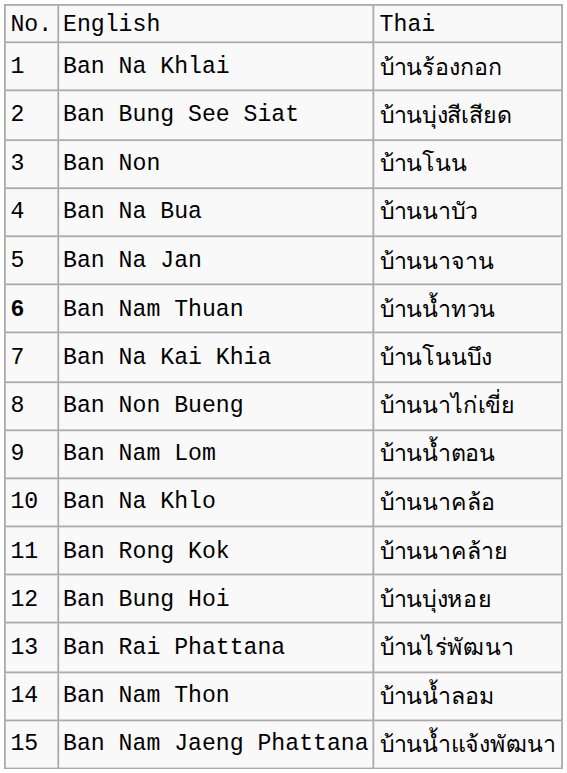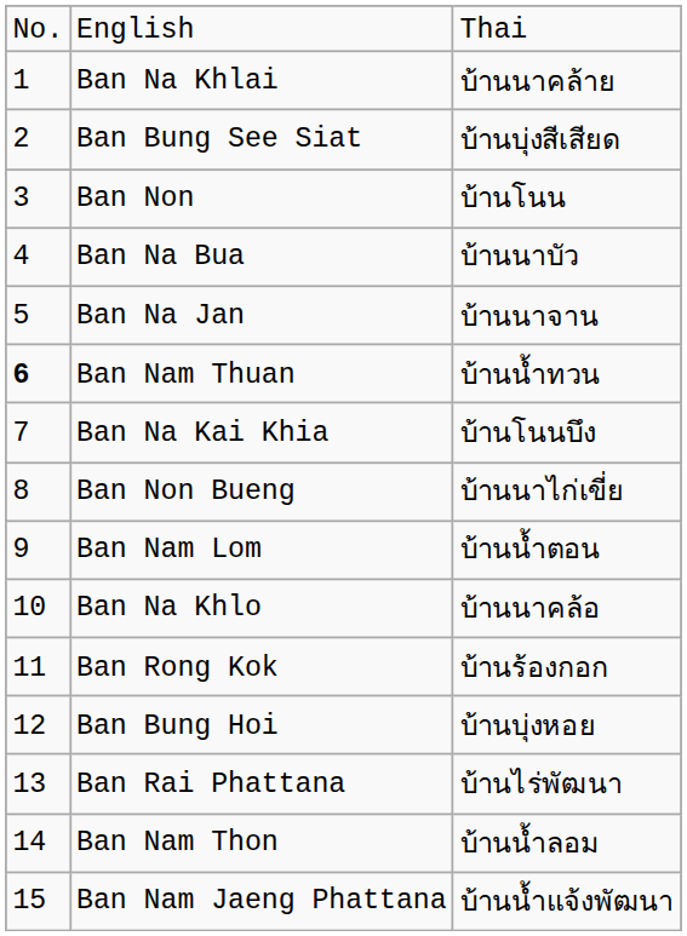 <table class="wikitable">
 <tr>
 <td>No.</td>
 <td>English</td>
 <td>Thai</td>
 </tr>
 <tr>
 <td>1</td>
 <td>Ban Na Khlai</td>
-<td>บ้านร้องกอก</td>
+<td>บ้านนาคล้าย</td>
 </tr>
 <tr>
 <td>2</td>
 <td>Ban Bung See Siat</td>
 <td>บ้านบุ่งสีเสียด</td>
 </tr>
 <tr>
 <td>3</td>
 <td>Ban Non</td>
 <td>บ้านโนน</td>
 </tr>
 <tr>
 <td>4</td>
 <td>Ban Na Bua</td>
 <td>บ้านนาบัว</td>
 </tr>
 <tr>
 <td>5</td>
 <td>Ban Na Jan</td>
 <td>บ้านนาจาน</td>
 </tr>
 <tr>
 <td><strong>6</strong></td>
 <td>Ban Nam Thuan</td>
 <td>บ้านน้ำทวน</td>
 </tr>
 <tr>
 <td>7</td>
 <td>Ban Na Kai Khia</td>
 <td>บ้านโนนบึง</td>
 </tr>
 <tr>
 <td>8</td>
 <td>Ban Non Bueng</td>
 <td>บ้านนาไก่เขี่ย</td>
 </tr>
 <tr>
 <td>9</td>
 <td>Ban Nam Lom</td>
 <td>บ้านน้ำตอน</td>
 </tr>
 <tr>
 <td>10</td>
 <td>Ban Na Khlo</td>
 <td>บ้านนาคล้อ</td>
 </tr>
 <tr>
 <td>11</td>
 <td>Ban Rong Kok</td>
-<td>บ้านนาคล้าย</td>
+<td>บ้านร้องกอก</td>
 </tr>
 <tr>
 <td>12</td>
 <td>Ban Bung Hoi</td>
 <td>บ้านบุ่งหอย</td>
 </tr>
 <tr>
 <td>13</td>
 <td>Ban Rai Phattana</td>
 <td>บ้านไร่พัฒนา</td>
 </tr>
 <tr>
 <td>14</td>
 <td>Ban Nam Thon</td>
 <td>บ้านน้ำลอม</td>
 </tr>
 <tr>
 <td>15</td>
 <td>Ban Nam Jaeng Phattana</td>
 <td>บ้านน้ำแจ้งพัฒนา</td>
 </tr>
 </table>
